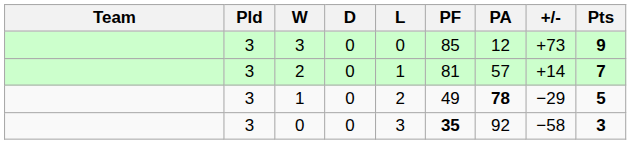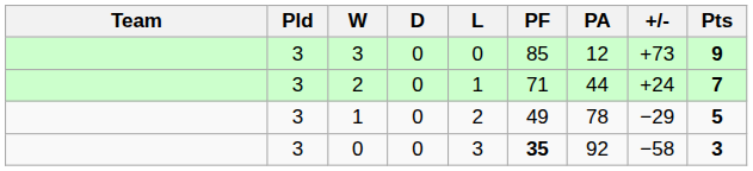 <table class="wikitable" style="text-align: center;">
 <tr>
 <th width="200">Team</th>
 <th width="40">Pld</th>
 <th width="40">W</th>
 <th width="40">D</th>
 <th width="40">L</th>
 <th width="40">PF</th>
 <th width="40">PA</th>
 <th width="40">+/-</th>
 <th width="40">Pts</th>
 </tr>
 <tr bgcolor=ccffcc>
 <td align=left></td>
 <td>3</td>
 <td>3</td>
 <td>0</td>
 <td>0</td>
 <td>85</td>
 <td>12</td>
 <td>+73</td>
 <td><strong>9</strong></td>
 </tr>
 <tr bgcolor=ccffcc>
 <td align=left></td>
 <td>3</td>
 <td>2</td>
 <td>0</td>
 <td>1</td>
-<td>81</td>
-<td>57</td>
-<td>+14</td>
+<td>71</td>
+<td>44</td>
+<td>+24</td>
 <td><strong>7</strong></td>
 </tr>
 <tr>
 <td align=left></td>
 <td>3</td>
 <td>1</td>
 <td>0</td>
 <td>2</td>
 <td>49</td>
-<td><strong>78</strong></td>
+<td>78</td>
 <td>−29</td>
 <td><strong>5</strong></td>
 </tr>
 <tr>
 <td align=left></td>
 <td>3</td>
 <td>0</td>
 <td>0</td>
 <td>3</td>
 <td><strong>35</strong></td>
 <td>92</td>
 <td>−58</td>
 <td><strong>3</strong></td>
 </tr>
 </table>
